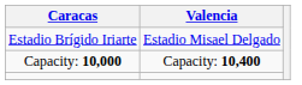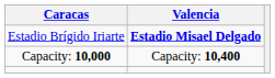 <table class="wikitable" style="text-align:center">
 <tr>
 <th><a href='#'>Caracas</a></th>
 <th><a href='#'>Valencia</a></th>
 <th rowspan="4"></th>
 </tr>
 <tr>
 <td><a href='#'>Estadio Brígido Iriarte</a></td>
-<td><a href='#'>Estadio Misael Delgado</a></td>
+<td><strong><a href='#'>Estadio Misael Delgado</a></strong></td>
 </tr>
 <tr>
 <td>Capacity: <strong>10,000</strong></td>
 <td>Capacity: <strong>10,400</strong></td>
 </tr>
 <tr>
 <td></td>
 <td></td>
 </tr>
 </table>
